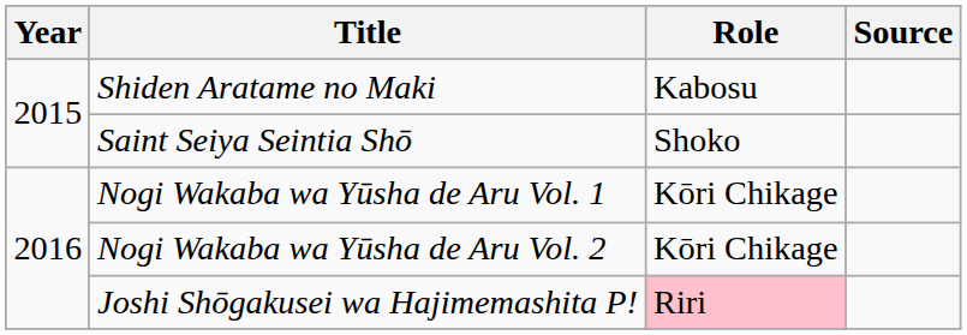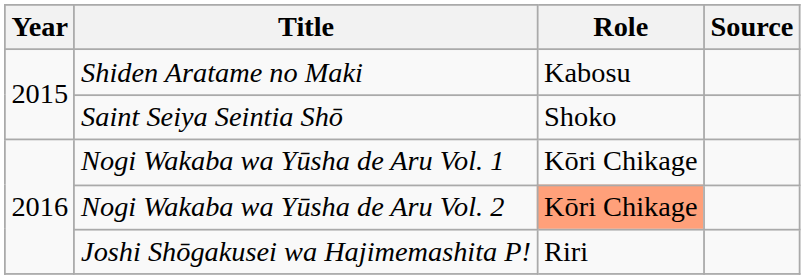 <table class="wikitable sortable plainrowheaders">
 <tr>
 <th>Year</th>
 <th>Title</th>
 <th>Role</th>
 <th class="unsortable">Source</th>
 </tr>
 <tr>
 <td rowspan="2" align="center">2015</td>
 <td><em>Shiden Aratame no Maki</em></td>
 <td>Kabosu</td>
 <td></td>
 </tr>
 <tr>
 <td><em>Saint Seiya Seintia Shō</em></td>
 <td>Shoko</td>
 <td></td>
 </tr>
 <tr>
 <td rowspan="3" align="center">2016</td>
 <td><em>Nogi Wakaba wa Yūsha de Aru Vol. 1</em></td>
 <td>Kōri Chikage</td>
 <td></td>
 </tr>
 <tr>
 <td><em>Nogi Wakaba wa Yūsha de Aru Vol. 2</em></td>
-<td>Kōri Chikage</td>
+<td style="background: lightsalmon;">Kōri Chikage</td>
 <td></td>
 </tr>
 <tr>
 <td><em>Joshi Shōgakusei wa Hajimemashita P!</em></td>
-<td style="background: pink;">Riri</td>
+<td>Riri</td>
 <td></td>
 </tr>
 </table>
